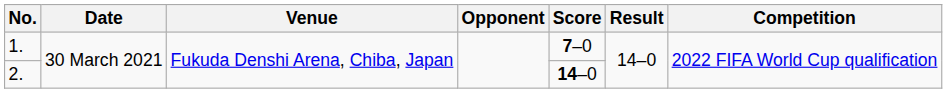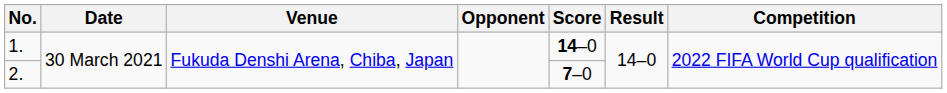 <table class="wikitable">
 <tr>
 <th>No.</th>
 <th>Date</th>
 <th>Venue</th>
 <th>Opponent</th>
 <th>Score</th>
 <th>Result</th>
 <th>Competition</th>
 </tr>
 <tr>
 <td>1.</td>
 <td rowspan="2">30 March 2021</td>
 <td rowspan="2"><a href='#'>Fukuda Denshi Arena</a>, <a href='#'>Chiba</a>, <a href='#'>Japan</a></td>
 <td rowspan="2"></td>
-<td align=center><strong>7</strong>–0</td>
+<td align=center><strong>14</strong>–0</td>
 <td rowspan="2" align=center>14–0</td>
 <td rowspan="2"><a href='#'>2022 FIFA World Cup qualification</a></td>
 </tr>
 <tr>
 <td>2.</td>
-<td align=center><strong>14</strong>–0</td>
+<td align=center><strong>7</strong>–0</td>
 </tr>
 </table>
